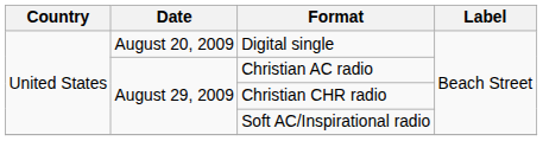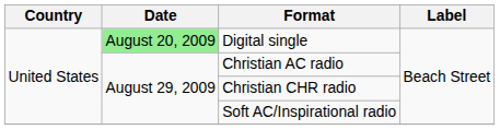 <table class="wikitable plainrowheaders">
 <tr>
 <th scope="col">Country</th>
 <th scope="col">Date</th>
 <th scope="col">Format</th>
 <th scope="col">Label</th>
 </tr>
 <tr>
 <td rowspan="4">United States</td>
-<td>August 20, 2009</td>
+<td style="background: lightgreen;">August 20, 2009</td>
 <td>Digital single</td>
 <td rowspan="4">Beach Street</td>
 </tr>
 <tr>
 <td rowspan="3">August 29, 2009</td>
 <td>Christian AC radio</td>
 </tr>
 <tr>
 <td>Christian CHR radio</td>
 </tr>
 <tr>
 <td>Soft AC/Inspirational radio</td>
 </tr>
 <tr>
 </tr>
 </table>
